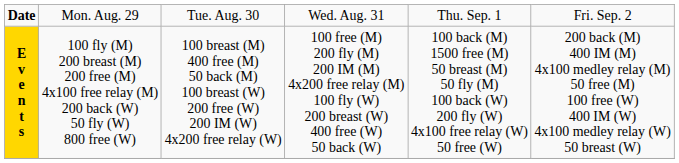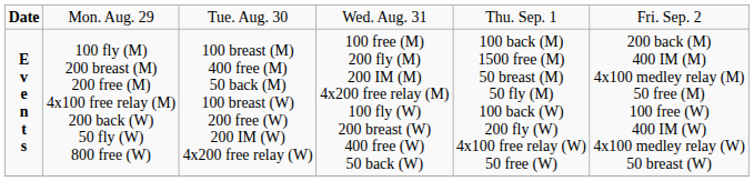 <table class=wikitable style="text-align:center">
 <tr>
 <td><strong>Date</strong></td>
 <td>Mon. Aug. 29</td>
 <td>Tue. Aug. 30</td>
 <td>Wed. Aug. 31</td>
 <td>Thu. Sep. 1</td>
 <td>Fri. Sep. 2</td>
 </tr>
 <tr>
-<td style="background: gold;"><strong>E<br>v<br>e<br>n<br>t<br>s</strong></td>
+<td><strong>E<br>v<br>e<br>n<br>t<br>s</strong></td>
 <td>100 fly (M) <br> 200 breast (M) <br> 200 free (M) <br> 4x100 free relay (M) <br> 200 back (W) <br> 50 fly (W) <br> 800 free (W)</td>
 <td>100 breast (M) <br> 400 free (M) <br> 50 back (M) <br> 100 breast (W) <br> 200 free (W) <br> 200 IM (W) <br> 4x200 free relay (W)</td>
 <td>100 free (M) <br> 200 fly (M) <br> 200 IM (M) <br> 4x200 free relay (M) <br> 100 fly (W) <br> 200 breast (W) <br> 400 free (W) <br> 50 back (W)</td>
 <td>100 back (M) <br> 1500 free (M) <br> 50 breast (M) <br> 50 fly (M) <br> 100 back (W) <br> 200 fly (W) <br> 4x100 free relay (W) <br> 50 free (W)</td>
 <td>200 back (M) <br> 400 IM (M) <br> 4x100 medley relay (M) <br> 50 free (M) <br> 100 free (W) <br> 400 IM (W) <br> 4x100 medley relay (W) <br> 50 breast (W)</td>
 </tr>
 <tr>
 </tr>
 </table>
